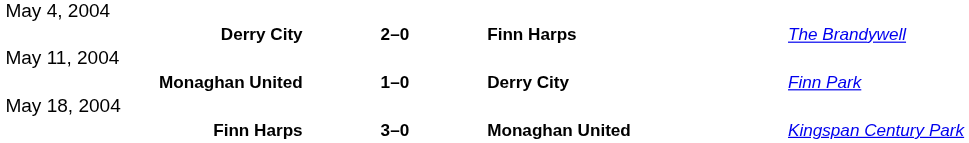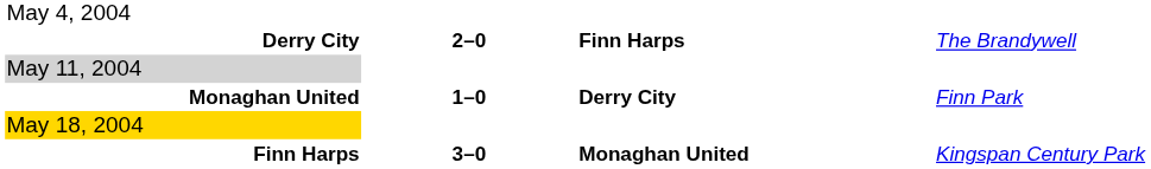 <table width=100% cellspacing=1>
 <tr>
 <th width=20%></th>
 <th width=12%></th>
 <th width=20%></th>
 <th></th>
 </tr>
 <tr>
 <td>May 4, 2004</td>
 </tr>
 <tr style=font-size:90%>
 <td align=right><strong>Derry City</strong></td>
 <td align=center><strong>2–0</strong></td>
 <td><strong>Finn Harps</strong></td>
 <td><em><a href='#'>The Brandywell</a></em></td>
 </tr>
 <tr>
-<td>May 11, 2004</td>
+<td style="background: lightgrey;">May 11, 2004</td>
 </tr>
 <tr style=font-size:90%>
 <td align=right><strong>Monaghan United</strong></td>
 <td align=center><strong>1–0</strong></td>
 <td><strong>Derry City</strong></td>
 <td><em><a href='#'>Finn Park</a></em></td>
 </tr>
 <tr>
-<td>May 18, 2004</td>
+<td style="background: gold;">May 18, 2004</td>
 </tr>
 <tr style=font-size:90%>
 <td align=right><strong>Finn Harps</strong></td>
 <td align=center><strong>3–0</strong></td>
 <td><strong>Monaghan United</strong></td>
 <td><em><a href='#'>Kingspan Century Park</a></em></td>
 </tr>
 </table>
